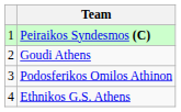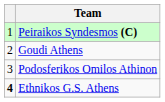 <table class="wikitable" style="text-align: center; font-size:100%">
 <tr>
 <th></th>
 <th>Team</th>
 </tr>
 <tr bgcolor=#ccffcc>
 <td>1</td>
 <td align=left><a href='#'>Peiraikos Syndesmos</a> <strong>(C)</strong></td>
 </tr>
 <tr>
 <td>2</td>
 <td align=left><a href='#'>Goudi Athens</a></td>
 </tr>
 <tr>
 <td>3</td>
 <td align=left><a href='#'>Podosferikos Omilos Athinon</a></td>
 </tr>
 <tr>
-<td>4</td>
+<td><strong>4</strong></td>
 <td align=left><a href='#'>Ethnikos G.S. Athens</a></td>
 </tr>
 </table>
